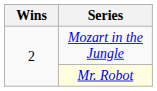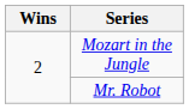 <table class="wikitable" style="text-align: center">
 <tr>
 <th scope="col" width="55">Wins</th>
 <th scope="col" width="100">Series</th>
 </tr>
 <tr>
 <td rowspan=2 style="text-align:center">2</td>
 <td><em><a href='#'>Mozart in the Jungle</a></em></td>
 </tr>
 <tr>
-<td style="background: lightyellow;"><em><a href='#'>Mr. Robot</a></em></td>
+<td><em><a href='#'>Mr. Robot</a></em></td>
 </tr>
 </table>
